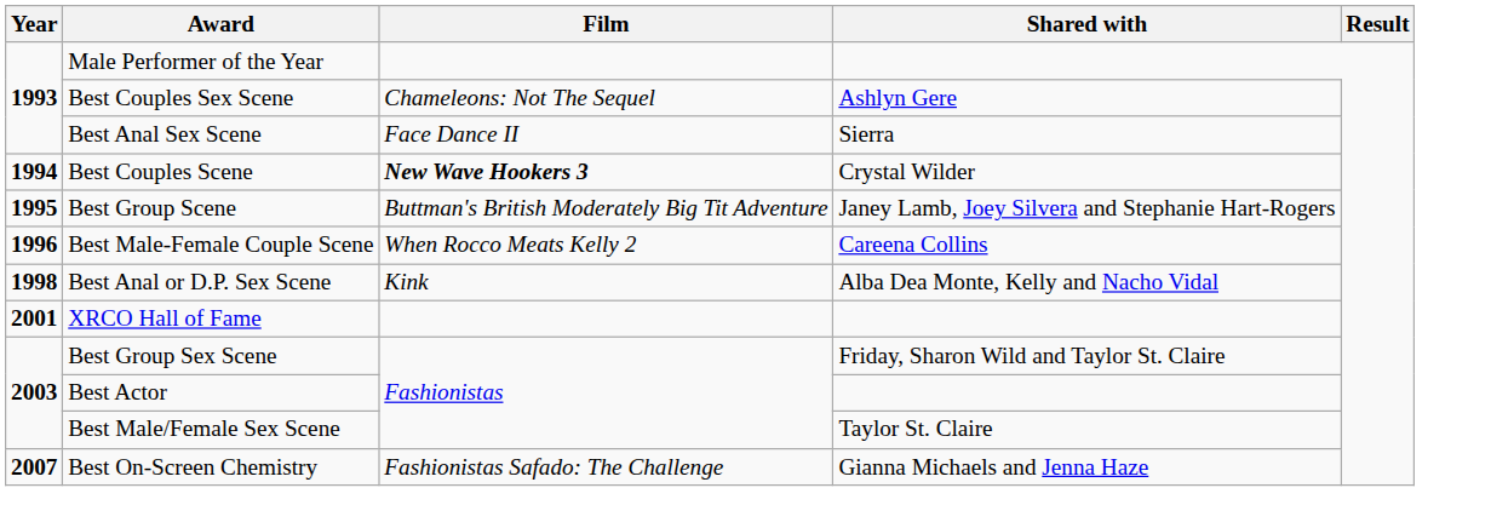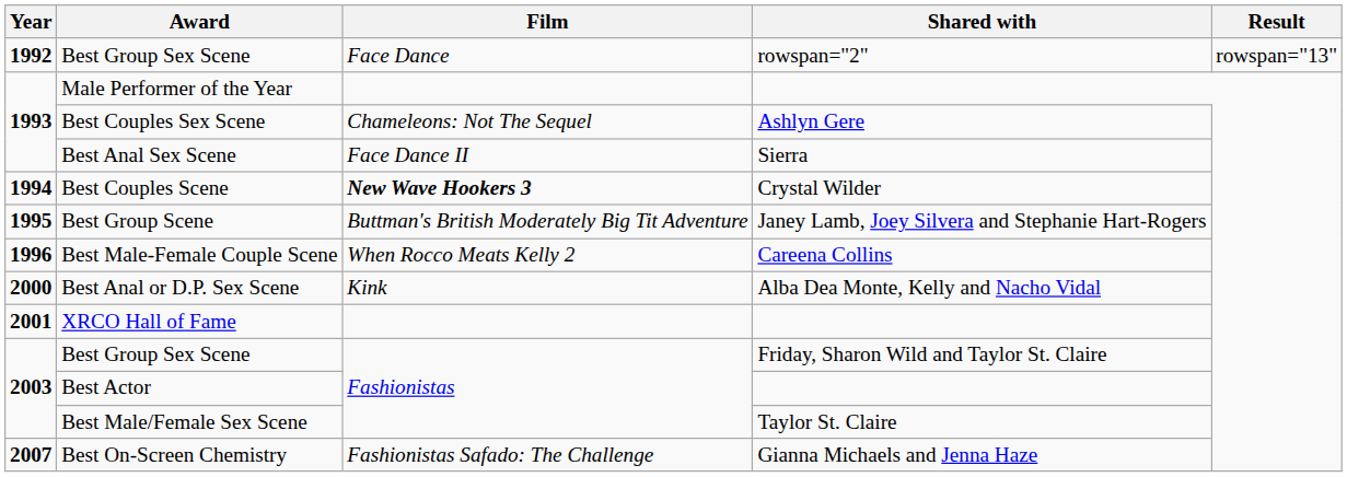 <table class="wikitable">
 <tr>
 <th>Year</th>
 <th>Award</th>
 <th>Film</th>
 <th>Shared with</th>
 <th>Result</th>
+</tr>
+<tr>
+<td><strong>1992</strong></td>
+<td>Best Group Sex Scene</td>
+<td><em>Face Dance</em></td>
+<td>rowspan="2" </td>
+<td>rowspan="13" </td>
 </tr>
 <tr>
 <td rowspan="3"><strong>1993</strong></td>
 <td>Male Performer of the Year</td>
 <td></td>
 </tr>
 <tr>
 <td>Best Couples Sex Scene</td>
 <td><em>Chameleons: Not The Sequel</em></td>
 <td><a href='#'>Ashlyn Gere</a></td>
 </tr>
 <tr>
 <td>Best Anal Sex Scene</td>
 <td><em>Face Dance II</em></td>
 <td>Sierra</td>
 </tr>
 <tr>
 <td><strong>1994</strong></td>
 <td>Best Couples Scene</td>
 <td><strong><em>New Wave Hookers 3</em></strong></td>
 <td>Crystal Wilder</td>
 </tr>
 <tr>
 <td><strong>1995</strong></td>
 <td>Best Group Scene</td>
 <td><em>Buttman's British Moderately Big Tit Adventure</em></td>
 <td>Janey Lamb, <a href='#'>Joey Silvera</a> and Stephanie Hart-Rogers</td>
 </tr>
 <tr>
 <td><strong>1996</strong></td>
 <td>Best Male-Female Couple Scene</td>
 <td><em>When Rocco Meats Kelly 2</em></td>
 <td><a href='#'>Careena Collins</a></td>
 </tr>
 <tr>
-<td><strong>1998</strong></td>
+<td><strong>2000</strong></td>
 <td>Best Anal or D.P. Sex Scene</td>
 <td><em>Kink</em></td>
 <td>Alba Dea Monte, Kelly and <a href='#'>Nacho Vidal</a></td>
 </tr>
 <tr>
 <td><strong>2001</strong></td>
 <td><a href='#'>XRCO Hall of Fame</a></td>
 <td></td>
 <td></td>
 </tr>
 <tr>
 <td rowspan="3"><strong>2003</strong></td>
 <td>Best Group Sex Scene</td>
 <td rowspan="3"><em><a href='#'>Fashionistas</a></em></td>
 <td>Friday, Sharon Wild and Taylor St. Claire</td>
 </tr>
 <tr>
 <td>Best Actor</td>
 <td></td>
 </tr>
 <tr>
 <td>Best Male/Female Sex Scene</td>
 <td>Taylor St. Claire</td>
 </tr>
 <tr>
 <td><strong>2007</strong></td>
 <td>Best On-Screen Chemistry</td>
 <td><em>Fashionistas Safado: The Challenge</em></td>
 <td>Gianna Michaels and <a href='#'>Jenna Haze</a></td>
 </tr>
 </table>
